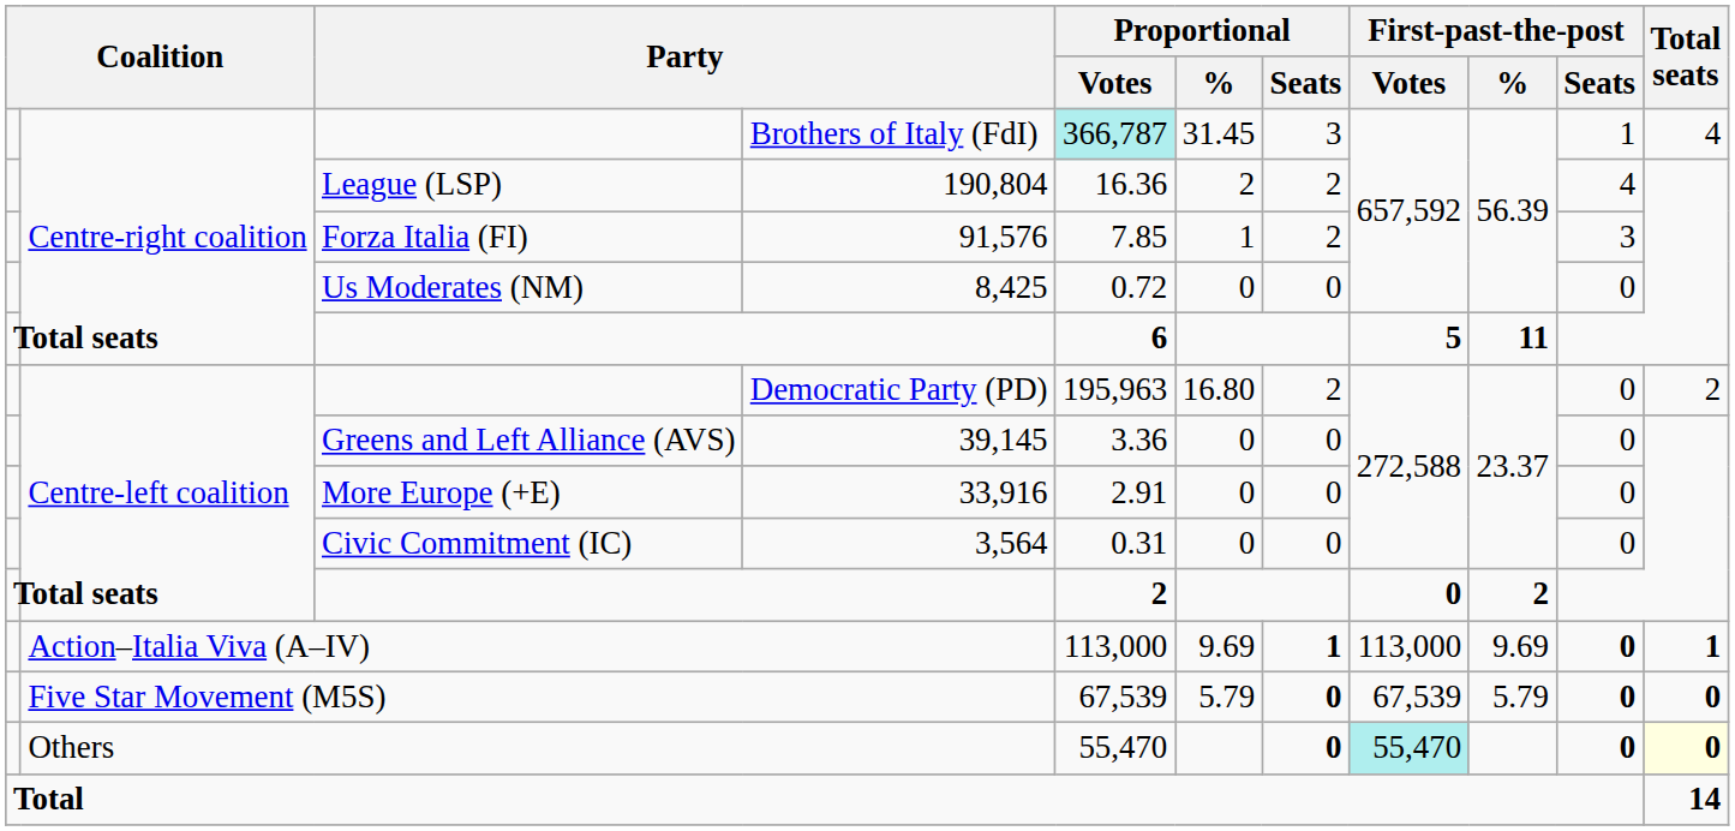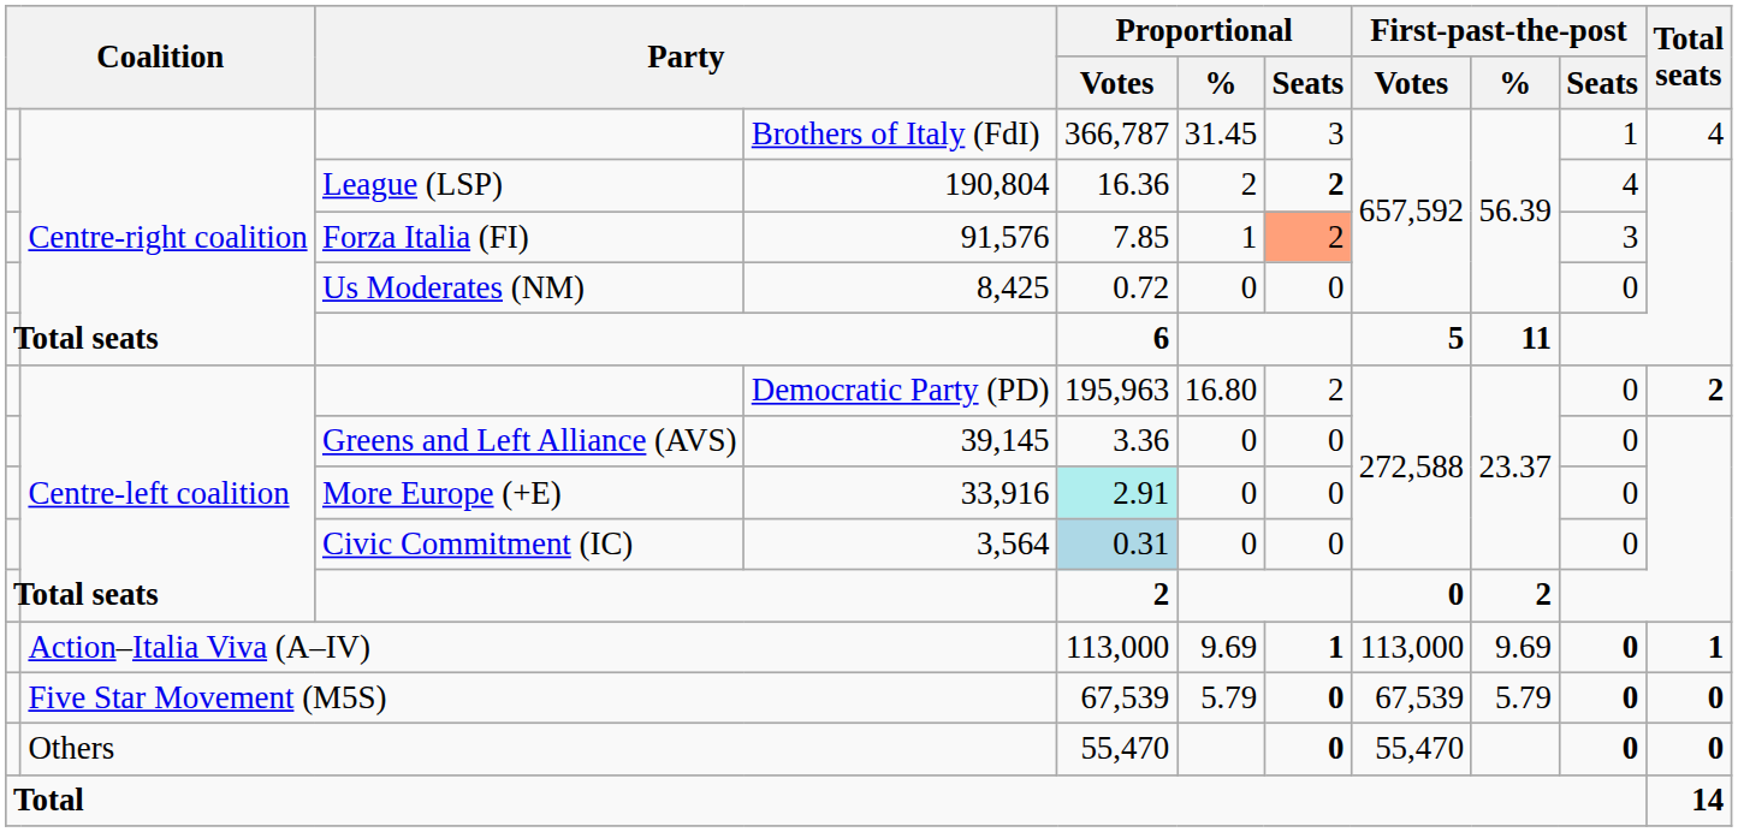 <table class="wikitable" style="text-align:right">
 <tr>
 <th colspan="2" rowspan="2">Coalition</th>
 <th colspan=2 rowspan=2>Party</th>
 <th colspan="3" style="text-align:center; vertical-align:top;">Proportional</th>
 <th colspan="3" style="text-align:center; vertical-align:top;">First-past-the-post</th>
 <th style="text-align:center;" rowspan="2">Total<br>seats</th>
 </tr>
 <tr>
 <th style="text-align:center; vertical-align:bottom;">Votes</th>
 <th style="text-align:center; vertical-align:bottom;">%</th>
 <th style="text-align:center; vertical-align:bottom;">Seats</th>
 <th style="text-align:center; vertical-align:bottom;">Votes</th>
 <th style="text-align:center; vertical-align:bottom;">%</th>
 <th style="text-align:center; vertical-align:bottom;">Seats</th>
 </tr>
 <tr>
 <td></td>
 <td style="text-align:left;" rowspan="5"><a href='#'>Centre-right coalition</a></td>
 <td></td>
 <td align=left><a href='#'>Brothers of Italy</a> (FdI)</td>
-<td style="background: paleturquoise;">366,787</td>
+<td>366,787</td>
 <td>31.45</td>
 <td>3</td>
 <td rowspan="4">657,592</td>
 <td rowspan="4">56.39</td>
 <td>1</td>
 <td>4</td>
 </tr>
 <tr>
 <td></td>
 <td align=left><a href='#'>League</a> (LSP)</td>
 <td>190,804</td>
 <td>16.36</td>
 <td>2</td>
-<td>2</td>
+<td><strong>2</strong></td>
 <td>4</td>
 </tr>
 <tr>
 <td></td>
 <td align=left><a href='#'>Forza Italia</a> (FI)</td>
 <td>91,576</td>
 <td>7.85</td>
 <td>1</td>
-<td>2</td>
+<td style="background: lightsalmon;">2</td>
 <td>3</td>
 </tr>
 <tr>
 <td></td>
 <td align=left><a href='#'>Us Moderates</a> (NM)</td>
 <td>8,425</td>
 <td>0.72</td>
 <td>0</td>
 <td>0</td>
 <td>0</td>
 </tr>
 <tr>
 <td colspan="4" style="text-align:left;"><strong>Total seats</strong></td>
 <td><strong>6</strong></td>
 <td colspan="2"></td>
 <td><strong>5</strong></td>
 <td><strong>11</strong></td>
 </tr>
 <tr>
 <td></td>
 <td rowspan=5 style="text-align:left;"><a href='#'>Centre-left coalition</a></td>
 <td></td>
 <td style="text-align:left;"><a href='#'>Democratic Party</a> (PD)</td>
 <td>195,963</td>
 <td>16.80</td>
 <td>2</td>
 <td rowspan="4">272,588</td>
 <td rowspan="4">23.37</td>
 <td>0</td>
-<td>2</td>
+<td><strong>2</strong></td>
 </tr>
 <tr>
 <td></td>
 <td style="text-align:left;"><a href='#'>Greens and Left Alliance</a> (AVS)</td>
 <td>39,145</td>
 <td>3.36</td>
 <td>0</td>
 <td>0</td>
 <td>0</td>
 </tr>
 <tr>
 <td></td>
 <td style="text-align:left;"><a href='#'>More Europe</a> (+E)</td>
 <td>33,916</td>
-<td>2.91</td>
+<td style="background: paleturquoise;">2.91</td>
 <td>0</td>
 <td>0</td>
 <td>0</td>
 </tr>
 <tr>
 <td></td>
 <td style="text-align:left;"><a href='#'>Civic Commitment</a> (IC)</td>
 <td>3,564</td>
-<td>0.31</td>
+<td style="background: lightblue;">0.31</td>
 <td>0</td>
 <td>0</td>
 <td>0</td>
 </tr>
 <tr>
 <td colspan="4" style="text-align:left;"><strong>Total seats</strong></td>
 <td><strong>2</strong></td>
 <td colspan="2"></td>
 <td><strong>0</strong></td>
 <td><strong>2</strong></td>
 </tr>
 <tr>
 <td style="background:"></td>
 <td colspan="3" style="text-align:left;"><a href='#'>Action</a>–<a href='#'>Italia Viva</a> (A–IV)</td>
 <td>113,000</td>
 <td>9.69</td>
 <td><strong>1</strong></td>
 <td>113,000</td>
 <td>9.69</td>
 <td><strong>0</strong></td>
 <td><strong>1</strong></td>
 </tr>
 <tr>
 <td style="background:"></td>
 <td colspan="3" style="text-align:left;"><a href='#'>Five Star Movement</a> (M5S)</td>
 <td>67,539</td>
 <td>5.79</td>
 <td><strong>0</strong></td>
 <td>67,539</td>
 <td>5.79</td>
 <td><strong>0</strong></td>
 <td><strong>0</strong></td>
 </tr>
 <tr>
 <td></td>
 <td colspan="3" style="text-align:left;">Others</td>
 <td>55,470</td>
 <td></td>
 <td><strong>0</strong></td>
-<td style="background: paleturquoise;">55,470</td>
+<td>55,470</td>
 <td></td>
 <td><strong>0</strong></td>
-<td style="background: lightyellow;"><strong>0</strong></td>
+<td><strong>0</strong></td>
 </tr>
 <tr>
 <td colspan="10" style="text-align:left;"><strong>Total</strong></td>
 <td><strong>14</strong></td>
 </tr>
 </table>
